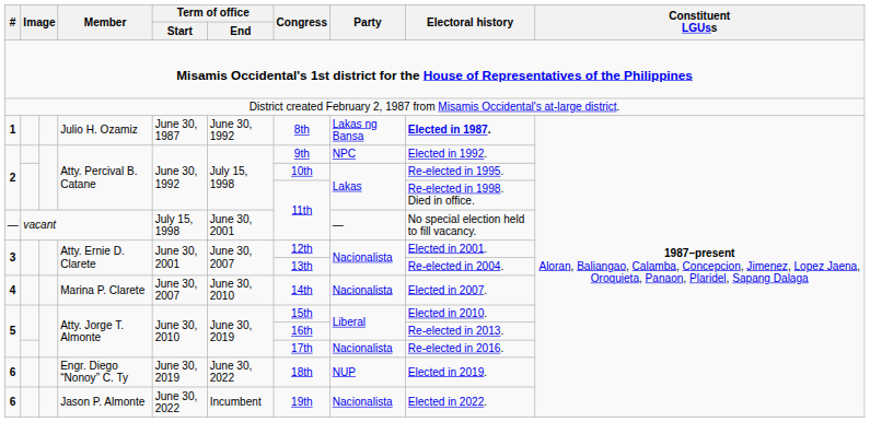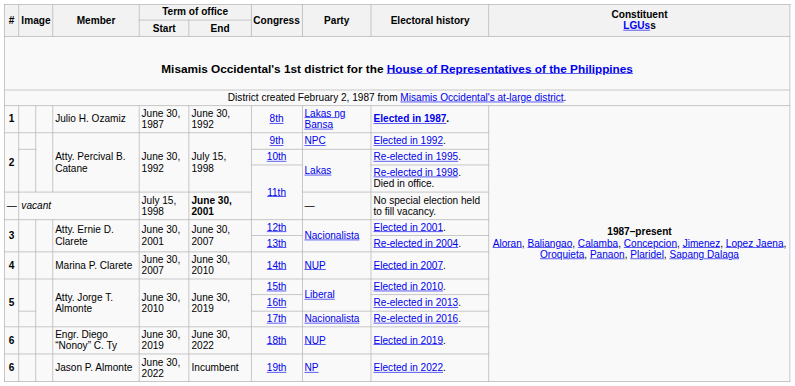 <table class=wikitable>
 <tr>
 <th rowspan="2">#</th>
 <th rowspan="2" colspan=2>Image</th>
 <th rowspan="2">Member</th>
 <th colspan=2>Term of office</th>
 <th rowspan="2">Congress</th>
 <th rowspan="2">Party</th>
 <th rowspan="2">Electoral history</th>
 <th rowspan="2">Constituent<br><a href='#'>LGUs</a>s</th>
 </tr>
 <tr>
 <th>Start</th>
 <th>End</th>
 </tr>
 <tr>
 <td colspan="10" style="text-align:center;"><br><h3>Misamis Occidental's 1st district for the <a href='#'>House of Representatives of the Philippines</a></h3></td>
 </tr>
 <tr>
 <td colspan="10" style="text-align:center;">District created February 2, 1987 from <a href='#'>Misamis Occidental's at-large district</a>.</td>
 </tr>
 <tr>
 <td style="text-align:center;"><strong>1</strong></td>
 <td style="color:inherit;background:"></td>
 <td></td>
 <td>Julio H. Ozamiz</td>
 <td>June 30, 1987</td>
 <td>June 30, 1992</td>
 <td style="text-align:center;"><a href='#'>8th</a></td>
 <td><a href='#'>Lakas ng Bansa</a></td>
 <td><strong><a href='#'>Elected in 1987</a>.</strong></td>
 <td rowspan="13" style="text-align:center;"><strong>1987–present</strong><br><a href='#'>Aloran</a>, <a href='#'>Baliangao</a>, <a href='#'>Calamba</a>, <a href='#'>Concepcion</a>, <a href='#'>Jimenez</a>, <a href='#'>Lopez Jaena</a>, <a href='#'>Oroquieta</a>, <a href='#'>Panaon</a>, <a href='#'>Plaridel</a>, <a href='#'>Sapang Dalaga</a></td>
 </tr>
 <tr>
 <td rowspan="3" style="text-align:center;"><strong>2</strong></td>
 <td style="color:inherit;background:"></td>
 <td rowspan="3"></td>
 <td rowspan="3">Atty. Percival B. Catane</td>
 <td rowspan="3">June 30, 1992</td>
 <td rowspan="3">July 15, 1998</td>
 <td style="text-align:center;"><a href='#'>9th</a></td>
 <td><a href='#'>NPC</a></td>
 <td><a href='#'>Elected in 1992</a>.</td>
 </tr>
 <tr>
 <td rowspan="2" style="color:inherit;background:"></td>
 <td style="text-align:center;"><a href='#'>10th</a></td>
 <td rowspan="2"><a href='#'>Lakas</a></td>
 <td><a href='#'>Re-elected in 1995</a>.</td>
 </tr>
 <tr>
 <td rowspan="2" style="text-align:center;"><a href='#'>11th</a></td>
 <td><a href='#'>Re-elected in 1998</a>.<br>Died in office.</td>
 </tr>
 <tr>
 <td style="text-align:center;">—</td>
 <td colspan="3"><em>vacant</em></td>
 <td>July 15, 1998</td>
-<td>June 30, 2001</td>
+<td><strong>June 30, 2001</strong></td>
 <td>—</td>
 <td>No special election held to fill vacancy.</td>
 </tr>
 <tr>
 <td rowspan="2" style="text-align:center;"><strong>3</strong></td>
 <td rowspan="2" style="color:inherit;background:"></td>
 <td rowspan="2"></td>
 <td rowspan="2">Atty. Ernie D. Clarete</td>
 <td rowspan="2">June 30, 2001</td>
 <td rowspan="2">June 30, 2007</td>
 <td style="text-align:center;"><a href='#'>12th</a></td>
 <td rowspan="2"><a href='#'>Nacionalista</a></td>
 <td><a href='#'>Elected in 2001</a>.</td>
 </tr>
 <tr>
 <td style="text-align:center;"><a href='#'>13th</a></td>
 <td><a href='#'>Re-elected in 2004</a>.</td>
 </tr>
 <tr>
 <td style="text-align:center;"><strong>4</strong></td>
 <td style="color:inherit;background:"></td>
 <td></td>
 <td>Marina P. Clarete</td>
 <td>June 30, 2007</td>
 <td>June 30, 2010</td>
 <td style="text-align:center;"><a href='#'>14th</a></td>
-<td><a href='#'>Nacionalista</a></td>
+<td><a href='#'>NUP</a></td>
 <td><a href='#'>Elected in 2007</a>.</td>
 </tr>
 <tr>
 <td rowspan="3" style="text-align:center;"><strong>5</strong></td>
 <td rowspan="2" style="color:inherit;background:"></td>
 <td rowspan="3"></td>
 <td rowspan="3">Atty. Jorge T. Almonte</td>
 <td rowspan="3">June 30, 2010</td>
 <td rowspan="3">June 30, 2019</td>
 <td style="text-align:center;"><a href='#'>15th</a></td>
 <td rowspan="2"><a href='#'>Liberal</a></td>
 <td><a href='#'>Elected in 2010</a>.</td>
 </tr>
 <tr>
 <td style="text-align:center;"><a href='#'>16th</a></td>
 <td><a href='#'>Re-elected in 2013</a>.</td>
 </tr>
 <tr>
 <td style="color:inherit;background:"></td>
 <td style="text-align:center;"><a href='#'>17th</a></td>
 <td><a href='#'>Nacionalista</a></td>
 <td><a href='#'>Re-elected in 2016</a>.</td>
 </tr>
 <tr>
 <td style="text-align:center;"><strong>6</strong></td>
 <td style="color:inherit;background:"></td>
 <td></td>
 <td>Engr. Diego “Nonoy” C. Ty</td>
 <td>June 30, 2019</td>
 <td>June 30, 2022</td>
 <td style="text-align:center;"><a href='#'>18th</a></td>
 <td><a href='#'>NUP</a></td>
 <td><a href='#'>Elected in 2019</a>.</td>
 </tr>
 <tr>
 <td style="text-align:center;"><strong>6</strong></td>
 <td style="color:inherit;background:"></td>
 <td></td>
 <td>Jason P. Almonte</td>
 <td>June 30, 2022</td>
 <td>Incumbent</td>
 <td style="text-align:center;"><a href='#'>19th</a></td>
-<td><a href='#'>Nacionalista</a></td>
+<td><a href='#'>NP</a></td>
 <td><a href='#'>Elected in 2022</a>.</td>
 </tr>
 </table>
